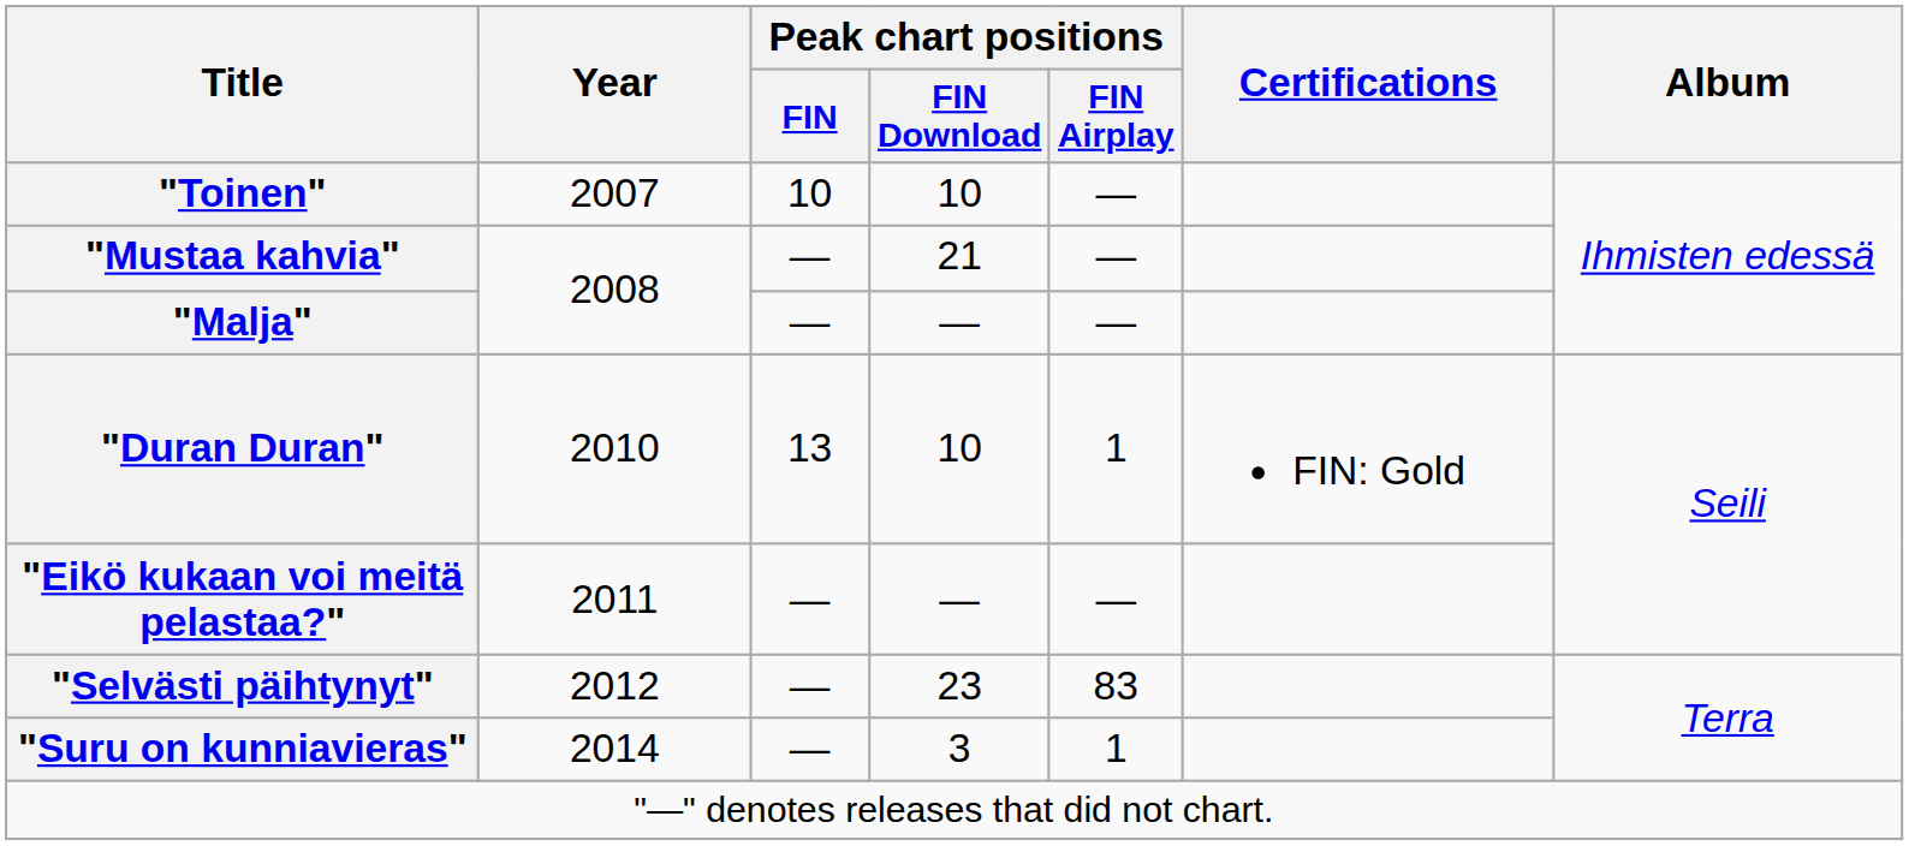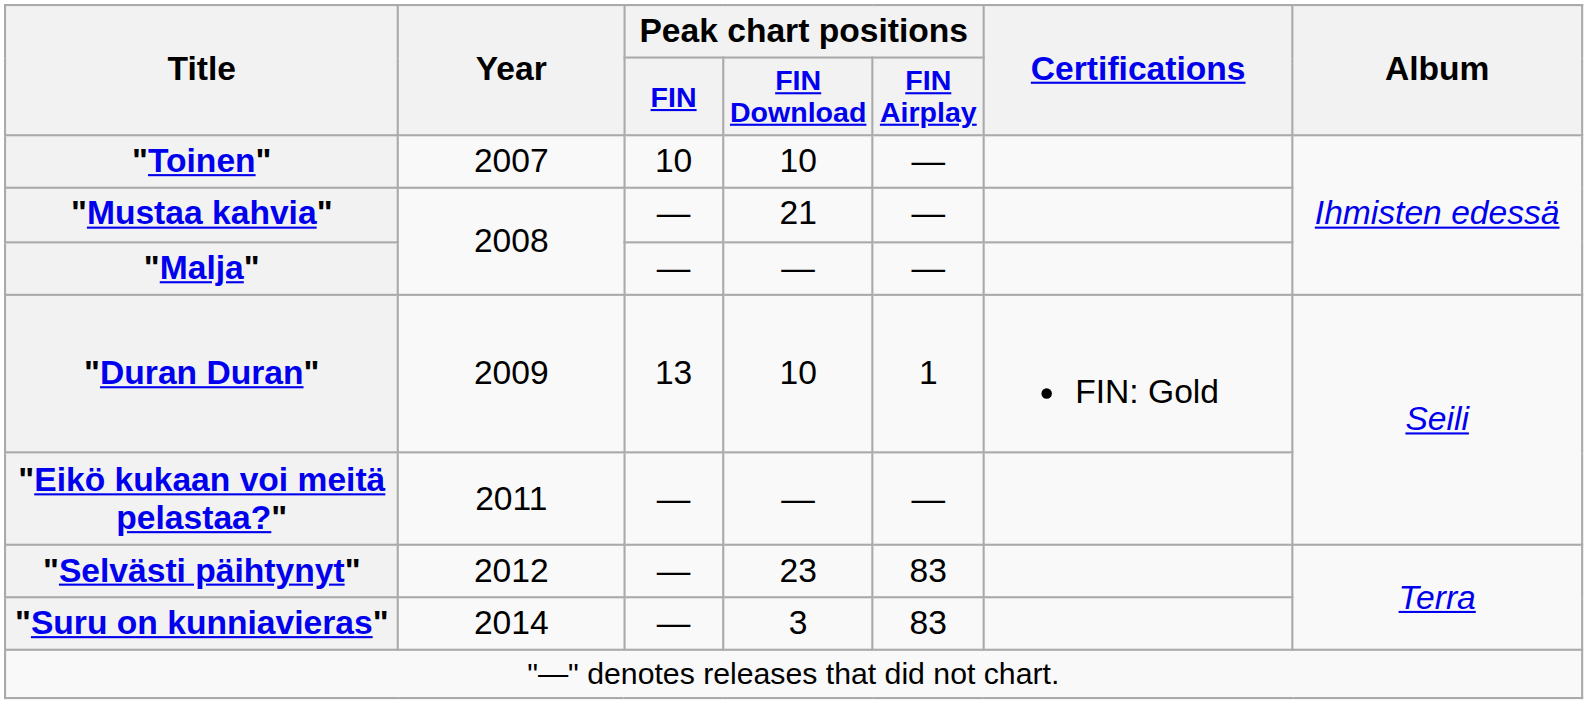 <table class="wikitable plainrowheaders" style="text-align:center;">
 <tr>
 <th rowspan="2" width="180">Title</th>
 <th rowspan="2" width="100">Year</th>
 <th colspan="3" width="100">Peak chart positions</th>
 <th rowspan="2" width="140"><a href='#'>Certifications</a><br></th>
 <th rowspan="2" width="130">Album</th>
 </tr>
 <tr>
 <th style="width:3em;font-size:85%"><a href='#'>FIN</a><br></th>
 <th style="width:3em;font-size:85%"><a href='#'>FIN<br>Download</a><br></th>
 <th style="width:3em;font-size:85%"><a href='#'>FIN<br>Airplay</a><br></th>
 </tr>
 <tr>
 <th scope="row">"<a href='#'>Toinen</a>"</th>
 <td>2007</td>
 <td>10</td>
 <td>10</td>
 <td>—</td>
 <td align="left"></td>
 <td rowspan="3"><em><a href='#'>Ihmisten edessä</a></em></td>
 </tr>
 <tr>
 <th scope="row">"<a href='#'>Mustaa kahvia</a>"</th>
 <td rowspan="2">2008</td>
 <td>—</td>
 <td>21</td>
 <td>—</td>
 <td align="left"></td>
 </tr>
 <tr>
 <th scope="row">"<a href='#'>Malja</a>"</th>
 <td>—</td>
 <td>—</td>
 <td>—</td>
 <td align="left"></td>
 </tr>
 <tr>
 <th scope="row">"<a href='#'>Duran Duran</a>"</th>
-<td>2010</td>
+<td>2009</td>
 <td>13</td>
 <td>10</td>
 <td>1</td>
 <td align="left"><br><ul><li>FIN: Gold</li></ul></td>
 <td rowspan="2"><em><a href='#'>Seili</a></em></td>
 </tr>
 <tr>
 <th scope="row">"<a href='#'>Eikö kukaan voi meitä pelastaa?</a>"</th>
 <td>2011</td>
 <td>—</td>
 <td>—</td>
 <td>—</td>
 <td align="left"></td>
 </tr>
 <tr>
 <th scope="row">"<a href='#'>Selvästi päihtynyt</a>"</th>
 <td>2012</td>
 <td>—</td>
 <td>23</td>
 <td>83</td>
 <td align="left"></td>
 <td rowspan="2"><em><a href='#'>Terra</a></em></td>
 </tr>
 <tr>
 <th scope="row">"<a href='#'>Suru on kunniavieras</a>"</th>
 <td>2014</td>
 <td>—</td>
 <td>3</td>
-<td>1</td>
+<td>83</td>
 <td align="left"></td>
 </tr>
 <tr>
 <td align="center" colspan="8" style="font-size:90%">"—" denotes releases that did not chart.</td>
 </tr>
 </table>
